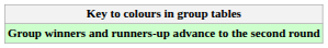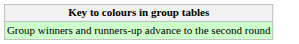 <table class="wikitable">
 <tr>
 <th>Key to colours in group tables</th>
 </tr>
 <tr bgcolor="#ccffcc">
-<td><strong>Group winners and runners-up advance to the second round</strong></td>
+<td>Group winners and runners-up advance to the second round</td>
 </tr>
 </table>
